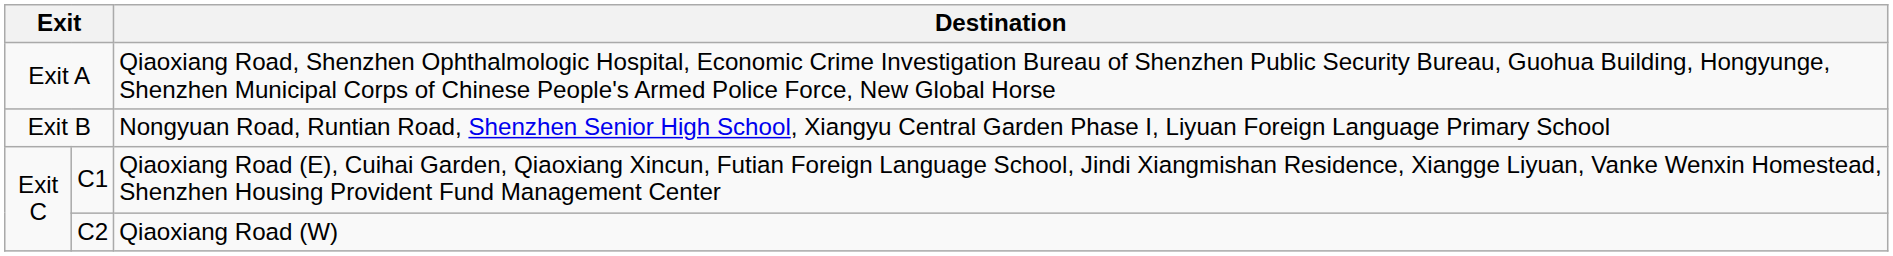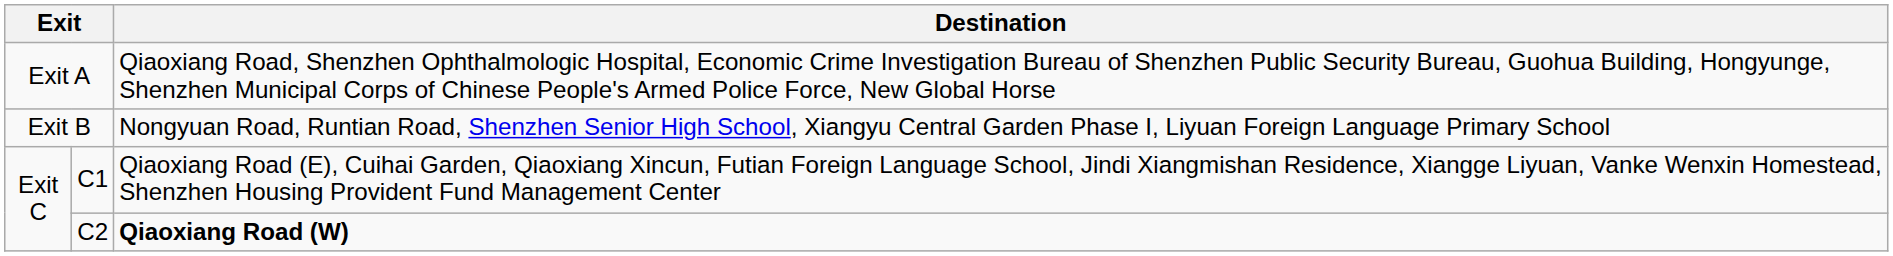 <table class="wikitable">
 <tr>
 <th style="width:70px" colspan="2">Exit</th>
 <th>Destination</th>
 </tr>
 <tr>
 <td align="center" colspan="2">Exit A</td>
 <td>Qiaoxiang Road, Shenzhen Ophthalmologic Hospital, Economic Crime Investigation Bureau of Shenzhen Public Security Bureau, Guohua Building, Hongyunge, Shenzhen Municipal Corps of Chinese People's Armed Police Force, New Global Horse</td>
 </tr>
 <tr>
 <td align="center" colspan="2">Exit B</td>
 <td>Nongyuan Road, Runtian Road, <a href='#'>Shenzhen Senior High School</a>, Xiangyu Central Garden Phase I, Liyuan Foreign Language Primary School</td>
 </tr>
 <tr>
 <td align="center" rowspan="3">Exit C</td>
 <td>C1</td>
 <td>Qiaoxiang Road (E), Cuihai Garden, Qiaoxiang Xincun, Futian Foreign Language School, Jindi Xiangmishan Residence, Xiangge Liyuan, Vanke Wenxin Homestead, Shenzhen Housing Provident Fund Management Center</td>
 </tr>
 <tr>
 <td>C2</td>
-<td>Qiaoxiang Road (W)</td>
+<td><strong>Qiaoxiang Road (W)</strong></td>
 </tr>
 </table>
